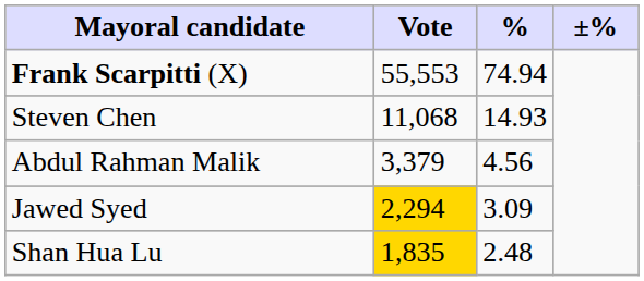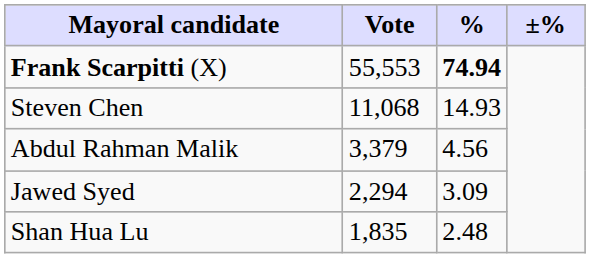 <table class="wikitable">
 <tr>
 <th style="background:#ddf; width:200px;">Mayoral candidate</th>
 <th style="background:#ddf; width:50px;">Vote</th>
 <th style="background:#ddf; width:30px;">%</th>
 <th style="background:#ddf; width:40px;">±%</th>
 </tr>
 <tr>
 <td><strong>Frank Scarpitti</strong> (X)</td>
 <td>55,553</td>
-<td>74.94</td>
+<td><strong>74.94</strong></td>
 </tr>
 <tr>
 <td>Steven Chen</td>
 <td>11,068</td>
 <td>14.93</td>
 </tr>
 <tr>
 <td>Abdul Rahman Malik</td>
 <td>3,379</td>
 <td>4.56</td>
 </tr>
 <tr>
 <td>Jawed Syed</td>
-<td style="background: gold;">2,294</td>
+<td>2,294</td>
 <td>3.09</td>
 </tr>
 <tr>
 <td>Shan Hua Lu</td>
-<td style="background: gold;">1,835</td>
+<td>1,835</td>
 <td>2.48</td>
 </tr>
 </table>
